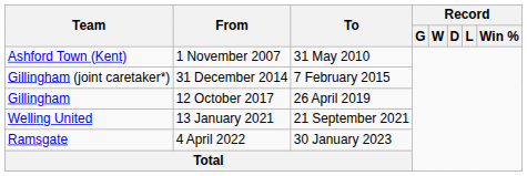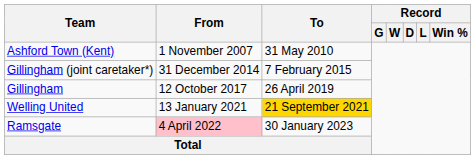 <table class="wikitable" style="text-align:centre">
 <tr>
 <th rowspan=2>Team</th>
 <th rowspan=2>From</th>
 <th rowspan=2>To</th>
 <th colspan=8>Record</th>
 </tr>
 <tr>
 <th>G</th>
 <th>W</th>
 <th>D</th>
 <th>L</th>
 <th>Win %</th>
 </tr>
 <tr>
 <td align=left><a href='#'>Ashford Town (Kent)</a></td>
 <td align=left>1 November 2007</td>
 <td align=left>31 May 2010<br></td>
 </tr>
 <tr>
 <td align=left><a href='#'>Gillingham</a> (joint caretaker*)</td>
 <td align=left>31 December 2014</td>
 <td align=left>7 February 2015<br></td>
 </tr>
 <tr>
 <td align=left><a href='#'>Gillingham</a></td>
 <td align=left>12 October 2017</td>
 <td align=left>26 April 2019<br></td>
 </tr>
 <tr>
 <td align=left><a href='#'>Welling United</a></td>
 <td align=left>13 January 2021</td>
-<td align=left>21 September 2021<br></td>
+<td align=left style="background: gold;">21 September 2021<br></td>
 </tr>
 <tr>
 <td align=left><a href='#'>Ramsgate</a></td>
-<td align=left>4 April 2022</td>
+<td align=left style="background: pink;">4 April 2022</td>
 <td align=left>30 January 2023<br></td>
 </tr>
 <tr>
 <th colspan="3">Total<br></th>
 </tr>
 </table>
